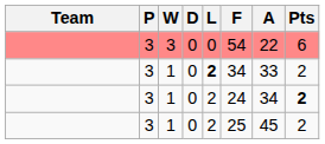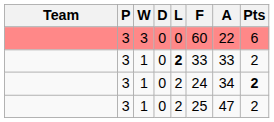 <table class="wikitable" style="text-align:center;">
 <tr>
 <th width="120px">Team</th>
 <th>P</th>
 <th>W</th>
 <th>D</th>
 <th>L</th>
 <th width="23px">F</th>
 <th width="23px">A</th>
 <th width="23px">Pts</th>
 </tr>
 <tr bgcolor="#FF8888">
 <td></td>
 <td>3</td>
 <td>3</td>
 <td>0</td>
 <td>0</td>
-<td>54</td>
+<td>60</td>
 <td>22</td>
 <td>6</td>
 </tr>
 <tr>
 <td></td>
 <td>3</td>
 <td>1</td>
 <td>0</td>
 <td><strong>2</strong></td>
-<td>34</td>
+<td>33</td>
 <td>33</td>
 <td>2</td>
 </tr>
 <tr>
 <td></td>
 <td>3</td>
 <td>1</td>
 <td>0</td>
 <td>2</td>
 <td>24</td>
 <td>34</td>
 <td><strong>2</strong></td>
 </tr>
 <tr>
 <td></td>
 <td>3</td>
 <td>1</td>
 <td>0</td>
 <td>2</td>
 <td>25</td>
-<td>45</td>
+<td>47</td>
 <td>2</td>
 </tr>
 </table>
